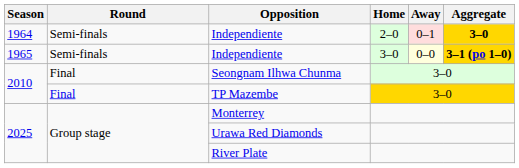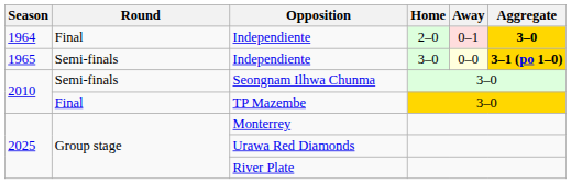 <table class="wikitable">
 <tr>
 <th>Season</th>
 <th width=200>Round</th>
 <th width=200>Opposition</th>
 <th>Home</th>
 <th>Away</th>
 <th>Aggregate</th>
 </tr>
 <tr>
 <td><a href='#'>1964</a></td>
-<td>Semi-finals</td>
+<td>Final</td>
 <td> <a href='#'>Independiente</a></td>
 <td style="text-align:center; background:#dfd;">2–0</td>
 <td style="text-align:center; background:#fdd;">0–1</td>
 <td bgcolor=Gold style="text-align:center;"><strong>3–0</strong></td>
 </tr>
 <tr>
 <td><a href='#'>1965</a></td>
 <td>Semi-finals</td>
 <td> <a href='#'>Independiente</a></td>
 <td style="text-align:center; background:#dfd;">3–0</td>
 <td style="text-align:center; background:#ffd;">0–0</td>
 <td bgcolor=Gold style="text-align:center;"><strong>3–1 (<a href='#'>po</a> 1–0)</strong></td>
 </tr>
 <tr>
 <td rowspan="2"><a href='#'>2010</a></td>
-<td>Final</td>
+<td>Semi-finals</td>
 <td> <a href='#'>Seongnam Ilhwa Chunma</a></td>
 <td colspan="3" style="text-align:center; background:#dfd;">3–0</td>
 </tr>
 <tr>
 <td><a href='#'>Final</a></td>
 <td> <a href='#'>TP Mazembe</a></td>
 <td bgcolor=Gold colspan="3" style="text-align:center;">3–0</td>
 </tr>
 <tr>
 <td rowspan="3"><a href='#'>2025</a></td>
 <td rowspan="3">Group stage</td>
 <td> <a href='#'>Monterrey</a></td>
 <td colspan="3" style="text-align:center;"></td>
 </tr>
 <tr>
 <td> <a href='#'>Urawa Red Diamonds</a></td>
 <td colspan="3" style="text-align:center;"></td>
 </tr>
 <tr>
 <td> <a href='#'>River Plate</a></td>
 <td colspan="3" style="text-align:center;"></td>
 </tr>
 </table>
